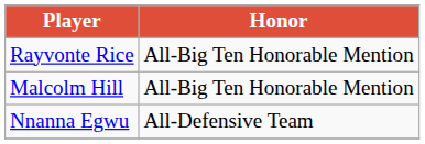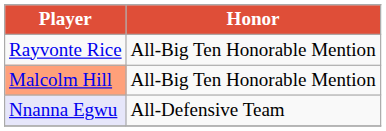 <table class="wikitable" border="2">
 <tr style="text-align: center; background-color: #DF4E38; color: white">
 </tr>
 <tr style="background-color: white;">
 <th style="background-color: #DF4E38;color:white">Player</th>
 <th style="background-color: #DF4E38;color:white">Honor</th>
 </tr>
 <tr>
 <td><a href='#'>Rayvonte Rice</a></td>
 <td>All-Big Ten Honorable Mention</td>
 </tr>
 <tr>
-<td><a href='#'>Malcolm Hill</a></td>
+<td style="background: lightsalmon;"><a href='#'>Malcolm Hill</a></td>
 <td>All-Big Ten Honorable Mention</td>
 </tr>
 <tr>
-<td><a href='#'>Nnanna Egwu</a></td>
+<td style="background: lavender;"><a href='#'>Nnanna Egwu</a></td>
 <td>All-Defensive Team</td>
 </tr>
 <tr>
 </tr>
 </table>
